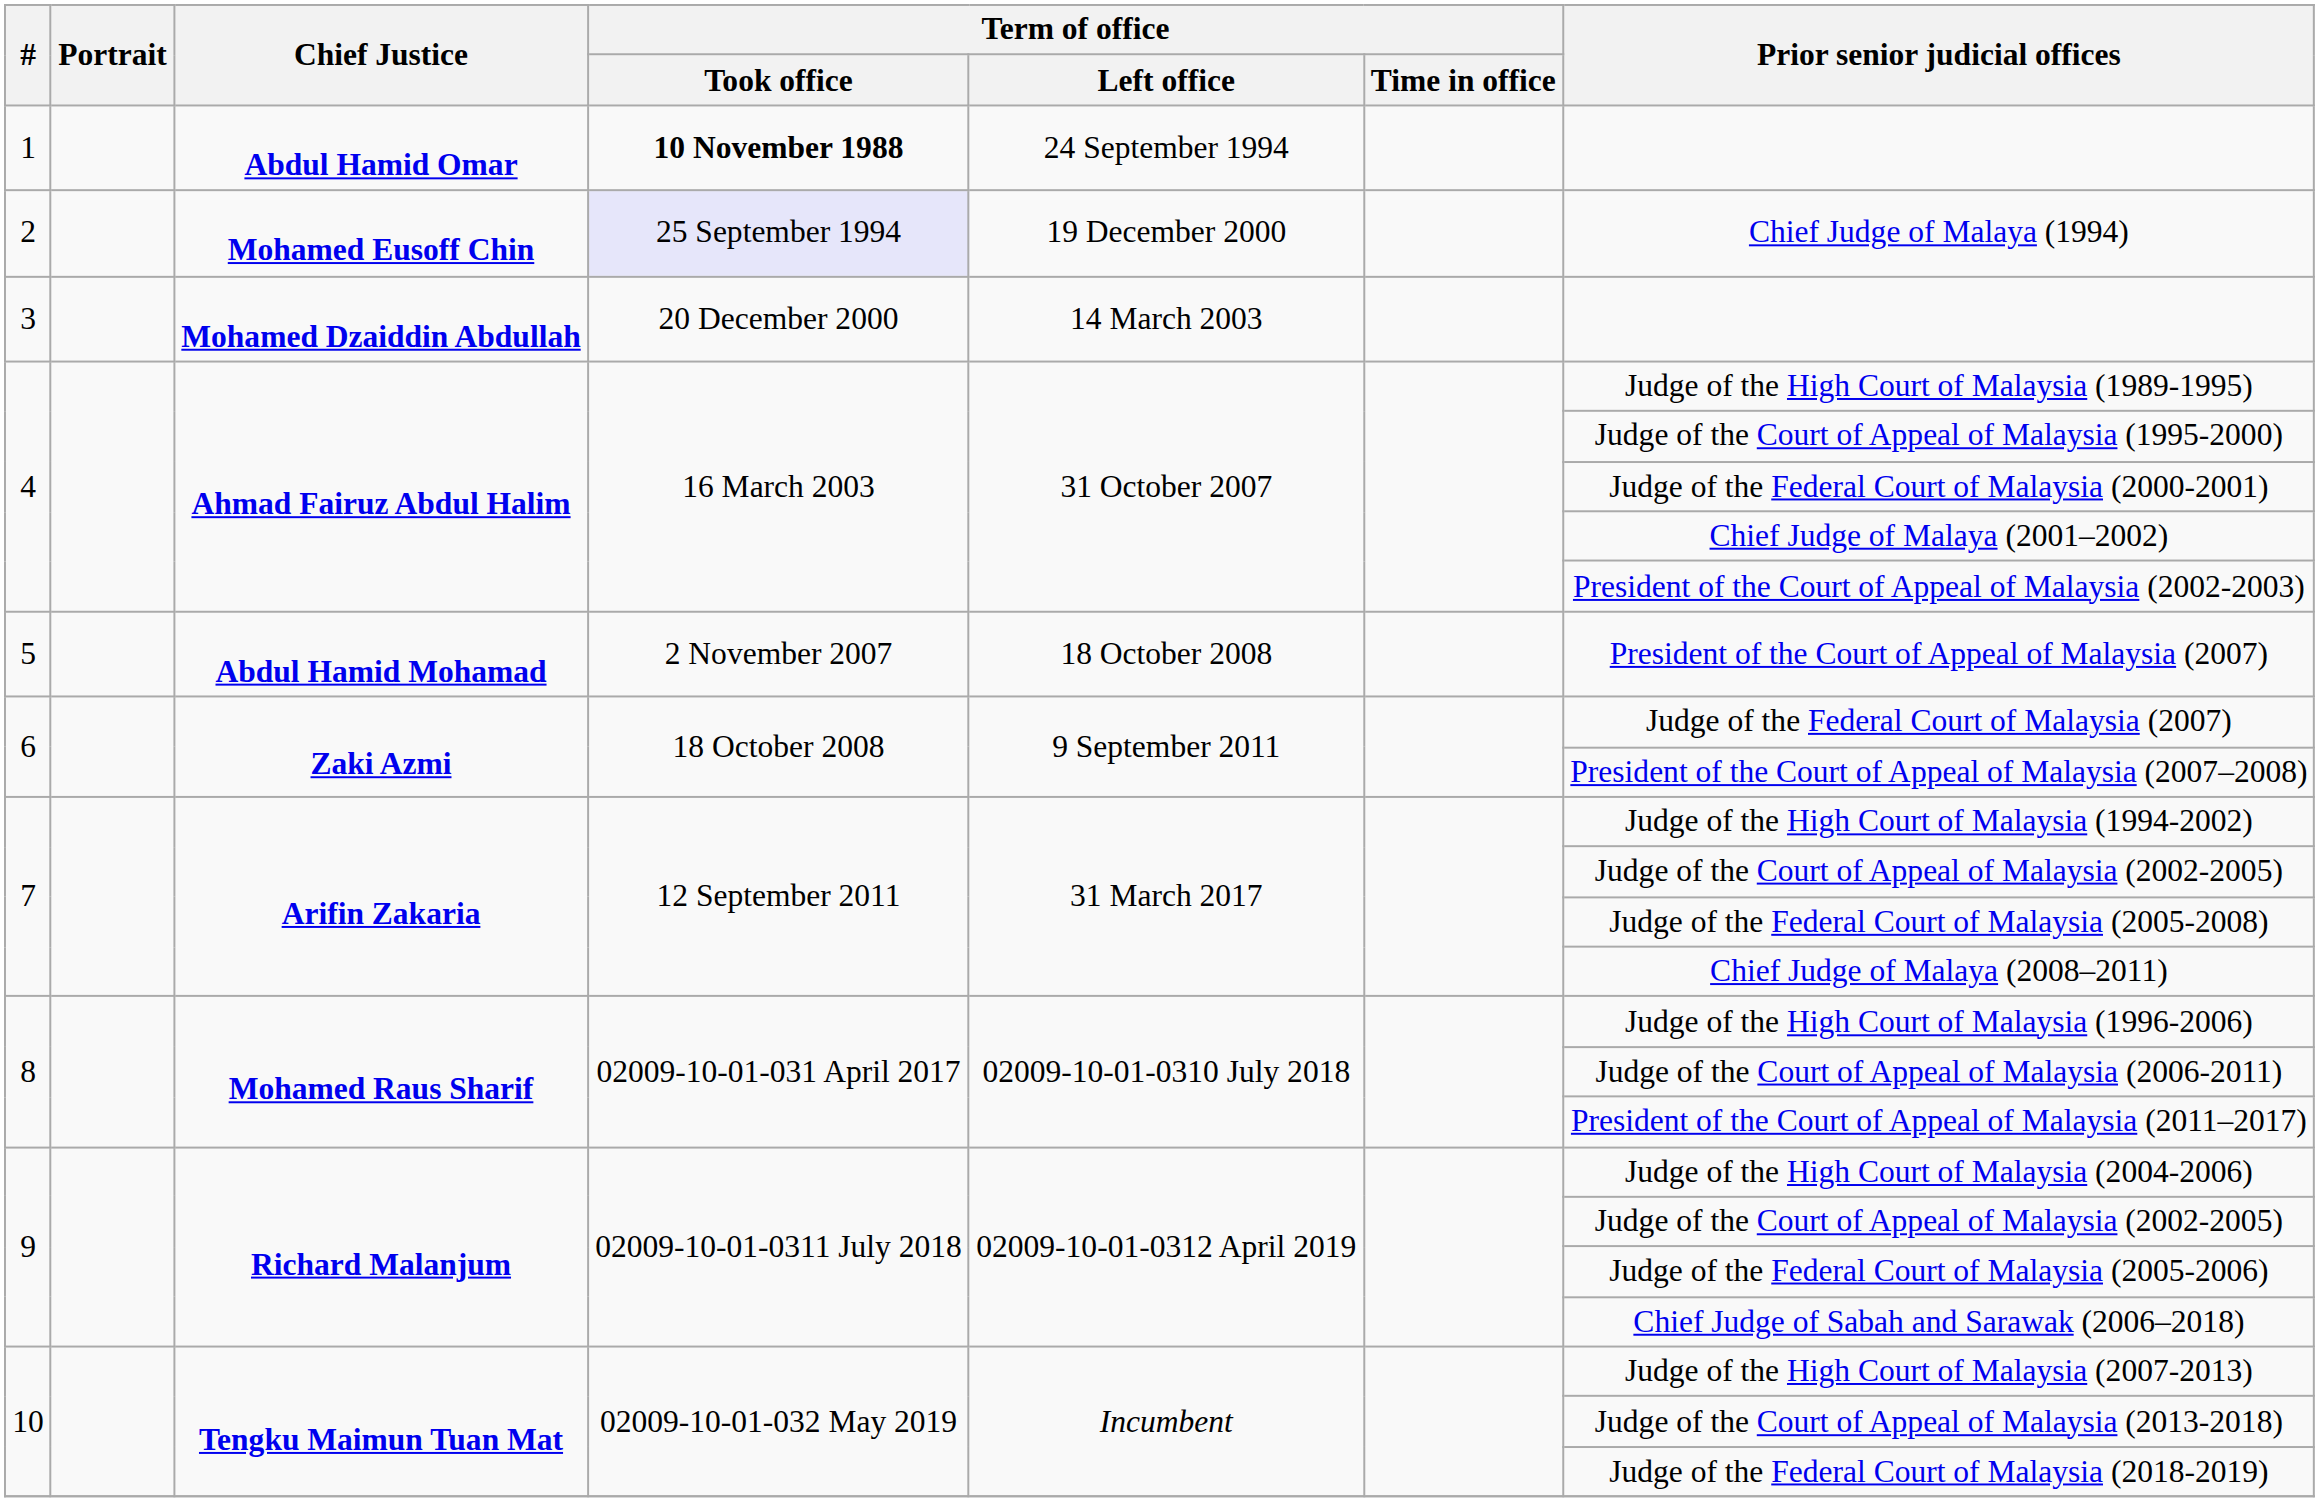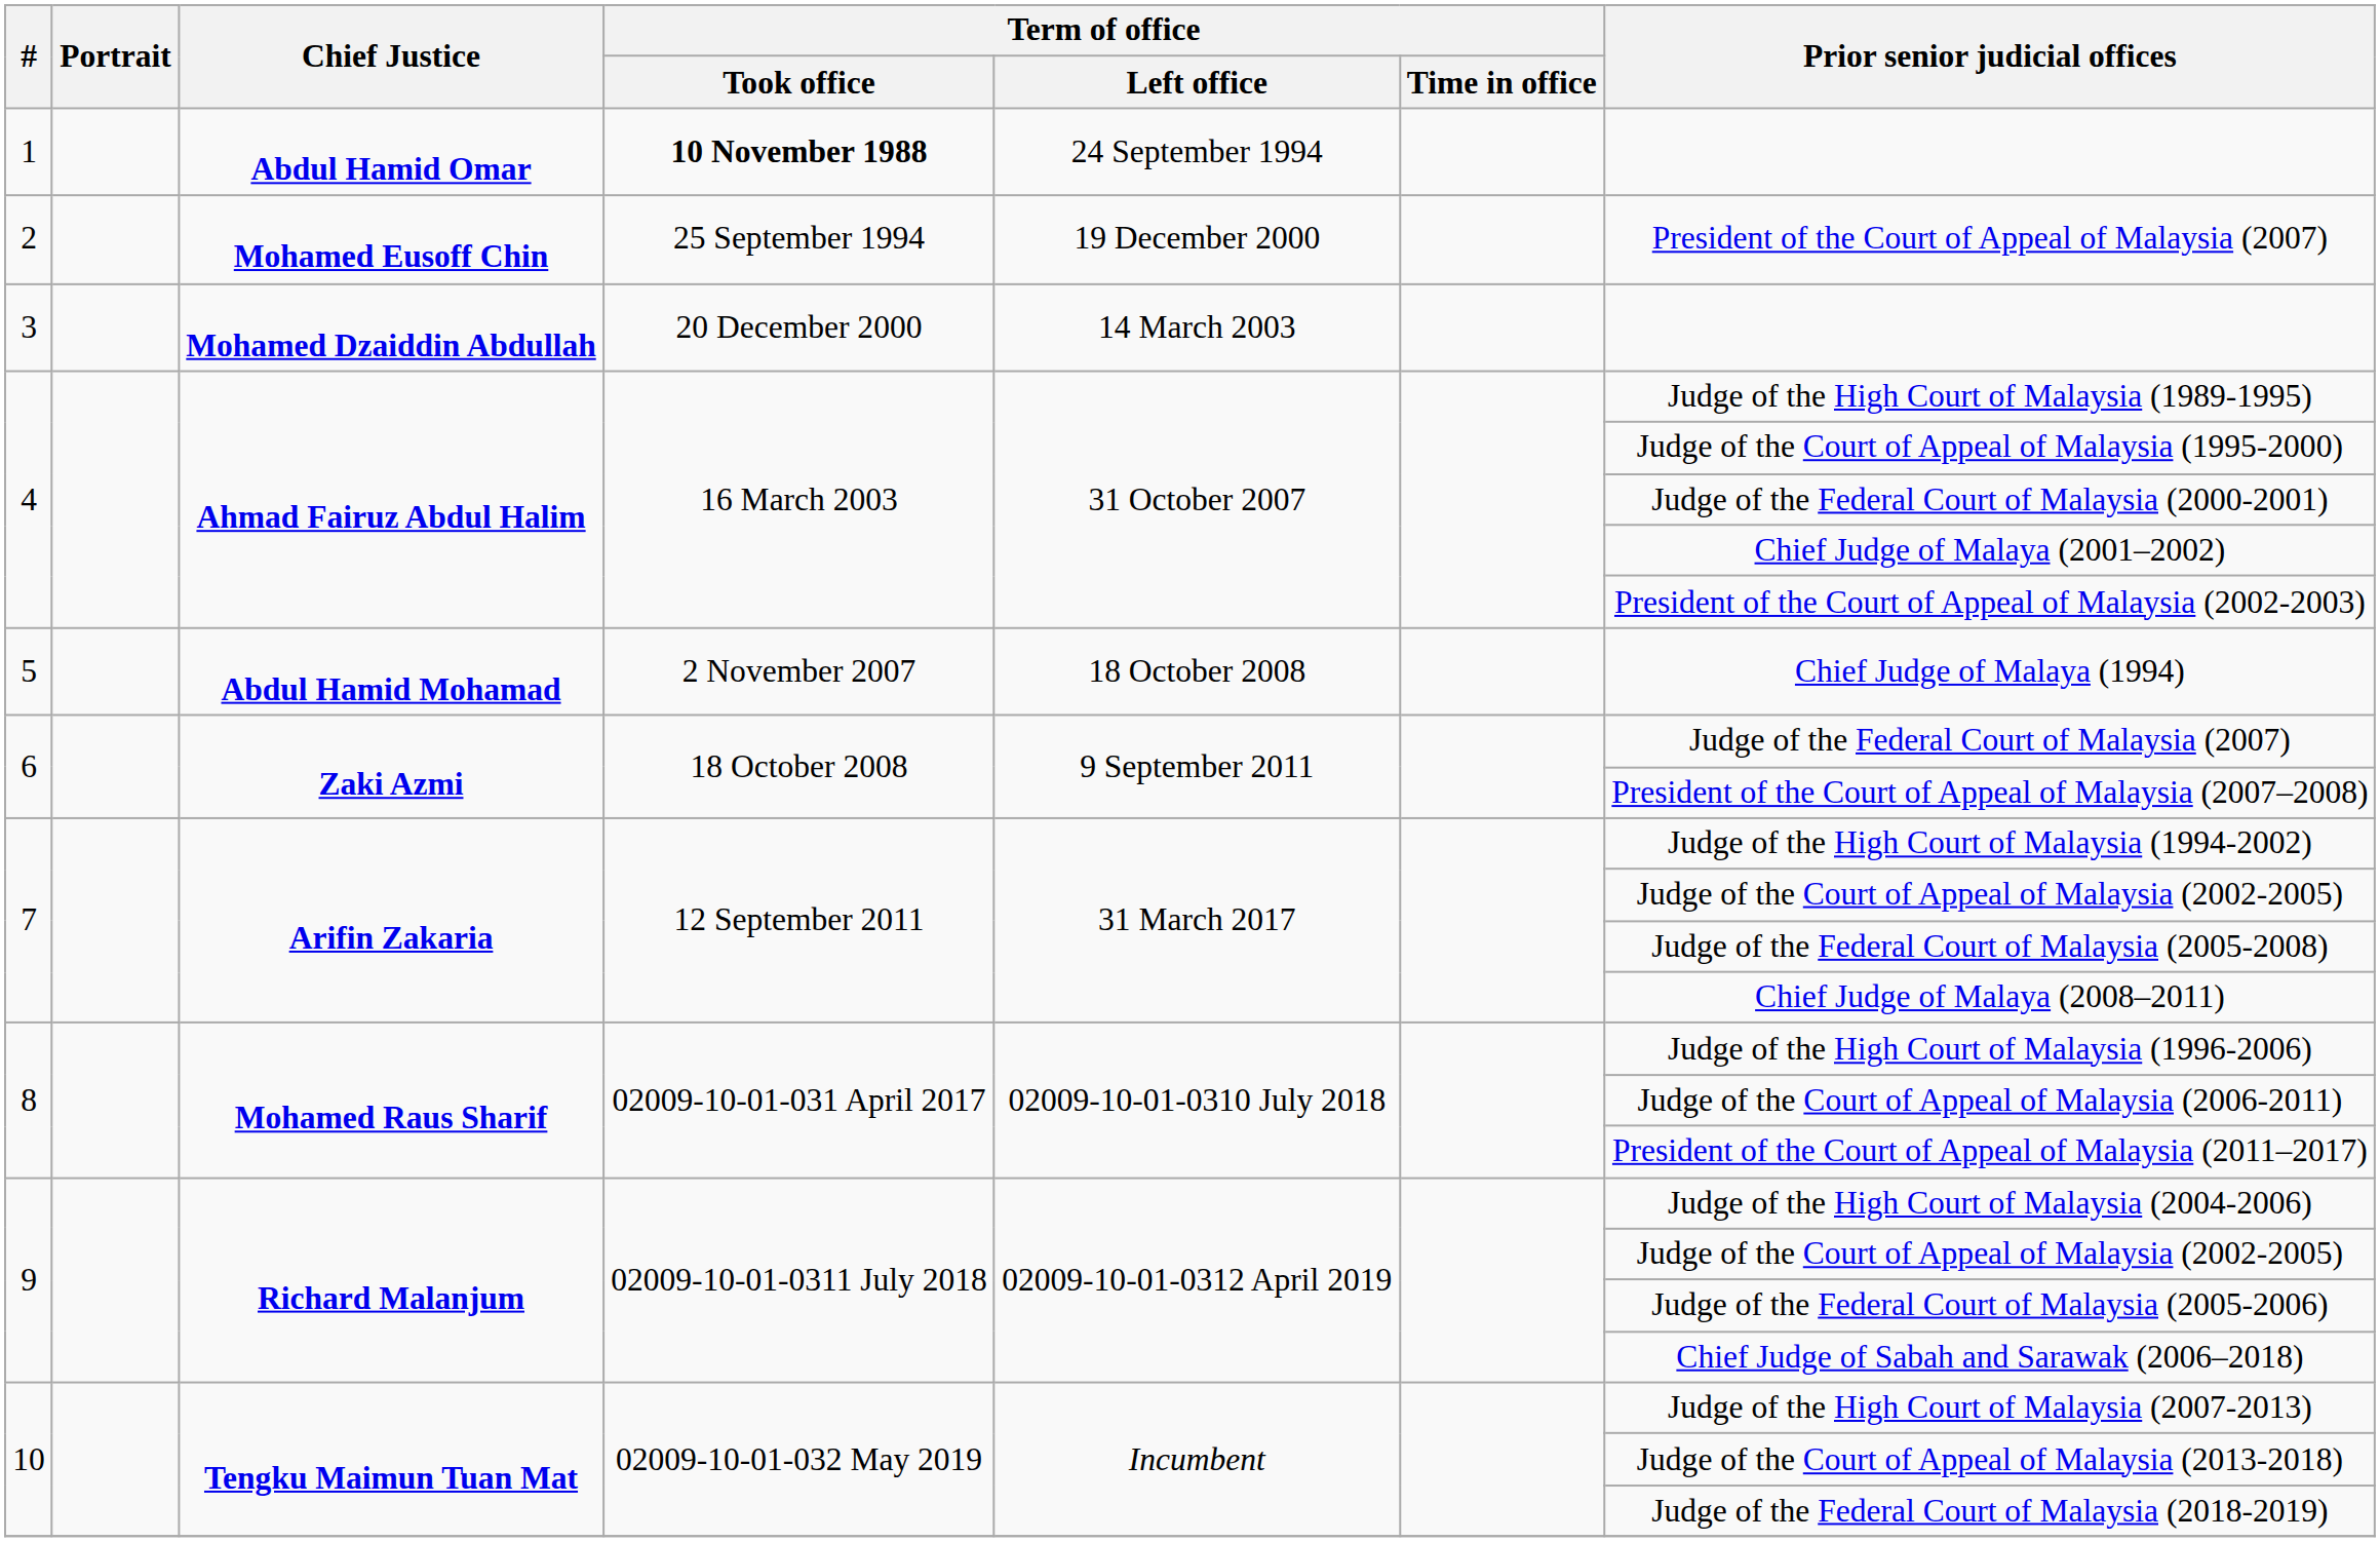 <table class="wikitable" style="text-align:center;">
 <tr>
 <th rowspan=2>#</th>
 <th rowspan=2>Portrait</th>
 <th rowspan=2>Chief Justice</th>
 <th colspan=3>Term of office</th>
 <th rowspan=2 class="unsortable">Prior senior judicial offices</th>
 </tr>
 <tr>
 <th>Took office</th>
 <th>Left office</th>
 <th>Time in office</th>
 </tr>
 <tr>
 <td>1</td>
 <td></td>
 <td><br><strong><a href='#'>Abdul Hamid Omar</a></strong><br></td>
 <td><strong>10 November 1988</strong></td>
 <td>24 September 1994</td>
 <td></td>
 <td></td>
 </tr>
 <tr>
 <td>2</td>
 <td></td>
 <td><br><strong><a href='#'>Mohamed Eusoff Chin</a></strong><br></td>
-<td style="background: lavender;">25 September 1994</td>
+<td>25 September 1994</td>
 <td>19 December 2000</td>
 <td></td>
-<td><a href='#'>Chief Judge of Malaya</a> (1994)</td>
+<td><a href='#'>President of the Court of Appeal of Malaysia</a> (2007)</td>
 </tr>
 <tr>
 <td>3</td>
 <td></td>
 <td><br><strong><a href='#'>Mohamed Dzaiddin Abdullah</a></strong><br></td>
 <td>20 December 2000</td>
 <td>14 March 2003</td>
 <td></td>
 <td></td>
 </tr>
 <tr>
 <td rowspan="5">4</td>
 <td rowspan="5"></td>
 <td rowspan="5"><br><strong><a href='#'>Ahmad Fairuz Abdul Halim</a></strong><br></td>
 <td rowspan="5">16 March 2003</td>
 <td rowspan="5">31 October 2007</td>
 <td rowspan="5"></td>
 <td>Judge of the <a href='#'>High Court of Malaysia</a> (1989-1995)</td>
 </tr>
 <tr>
 <td>Judge of the <a href='#'>Court of Appeal of Malaysia</a> (1995-2000)</td>
 </tr>
 <tr>
 <td>Judge of the <a href='#'>Federal Court of Malaysia</a> (2000-2001)</td>
 </tr>
 <tr>
 <td><a href='#'>Chief Judge of Malaya</a> (2001–2002)</td>
 </tr>
 <tr>
 <td><a href='#'>President of the Court of Appeal of Malaysia</a> (2002-2003)</td>
 </tr>
 <tr>
 <td>5</td>
 <td></td>
 <td><br><strong><a href='#'>Abdul Hamid Mohamad</a></strong><br></td>
 <td>2 November 2007</td>
 <td>18 October 2008</td>
 <td></td>
-<td><a href='#'>President of the Court of Appeal of Malaysia</a> (2007)</td>
+<td><a href='#'>Chief Judge of Malaya</a> (1994)</td>
 </tr>
 <tr>
 <td rowspan="2">6</td>
 <td rowspan="2"></td>
 <td rowspan="2"><br><strong><a href='#'>Zaki Azmi</a></strong><br></td>
 <td rowspan="2">18 October 2008</td>
 <td rowspan="2">9 September 2011</td>
 <td rowspan="2"></td>
 <td>Judge of the <a href='#'>Federal Court of Malaysia</a> (2007)</td>
 </tr>
 <tr>
 <td><a href='#'>President of the Court of Appeal of Malaysia</a> (2007–2008)</td>
 </tr>
 <tr>
 <td rowspan="4">7</td>
 <td rowspan="4"></td>
 <td rowspan="4"><br><strong><a href='#'>Arifin Zakaria</a></strong><br></td>
 <td rowspan="4">12 September 2011</td>
 <td rowspan="4">31 March 2017</td>
 <td rowspan="4"></td>
 <td>Judge of the <a href='#'>High Court of Malaysia</a> (1994-2002)</td>
 </tr>
 <tr>
 <td>Judge of the <a href='#'>Court of Appeal of Malaysia</a> (2002-2005)</td>
 </tr>
 <tr>
 <td>Judge of the <a href='#'>Federal Court of Malaysia</a> (2005-2008)</td>
 </tr>
 <tr>
 <td><a href='#'>Chief Judge of Malaya</a> (2008–2011)</td>
 </tr>
 <tr>
 <td rowspan="3">8</td>
 <td rowspan="3"></td>
 <td rowspan="3"><br><strong><a href='#'>Mohamed Raus Sharif</a></strong><br></td>
 <td rowspan="3"><span>02009-10-01-03</span>1 April 2017</td>
 <td rowspan="3"><span>02009-10-01-03</span>10 July 2018</td>
 <td rowspan="3"></td>
 <td>Judge of the <a href='#'>High Court of Malaysia</a> (1996-2006)</td>
 </tr>
 <tr>
 <td>Judge of the <a href='#'>Court of Appeal of Malaysia</a> (2006-2011)</td>
 </tr>
 <tr>
 <td><a href='#'>President of the Court of Appeal of Malaysia</a> (2011–2017)</td>
 </tr>
 <tr>
 <td rowspan="4">9</td>
 <td rowspan="4"></td>
 <td rowspan="4"><br><strong><a href='#'>Richard Malanjum</a></strong><br></td>
 <td rowspan="4"><span>02009-10-01-03</span>11 July 2018</td>
 <td rowspan="4"><span>02009-10-01-03</span>12 April 2019</td>
 <td rowspan="4"></td>
 <td>Judge of the <a href='#'>High Court of Malaysia</a> (2004-2006)</td>
 </tr>
 <tr>
 <td>Judge of the <a href='#'>Court of Appeal of Malaysia</a> (2002-2005)</td>
 </tr>
 <tr>
 <td>Judge of the <a href='#'>Federal Court of Malaysia</a> (2005-2006)</td>
 </tr>
 <tr>
 <td><a href='#'>Chief Judge of Sabah and Sarawak</a> (2006–2018)</td>
 </tr>
 <tr>
 <td rowspan="3">10</td>
 <td rowspan="3"></td>
 <td rowspan="3"><br><strong><a href='#'>Tengku Maimun Tuan Mat</a></strong><br></td>
 <td rowspan="3"><span>02009-10-01-03</span>2 May 2019</td>
 <td rowspan="3"><em>Incumbent</em></td>
 <td rowspan="3"></td>
 <td>Judge of the <a href='#'>High Court of Malaysia</a> (2007-2013)</td>
 </tr>
 <tr>
 <td>Judge of the <a href='#'>Court of Appeal of Malaysia</a> (2013-2018)</td>
 </tr>
 <tr>
 <td>Judge of the <a href='#'>Federal Court of Malaysia</a> (2018-2019)</td>
 </tr>
 <tr>
 </tr>
 </table>
